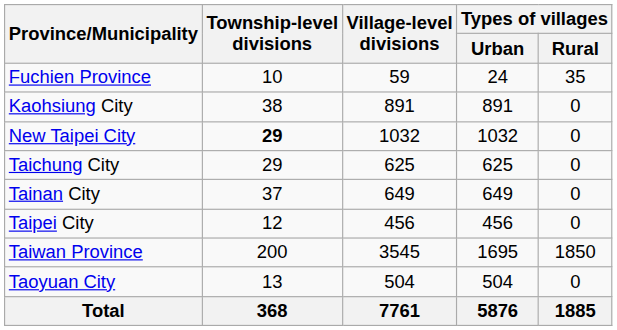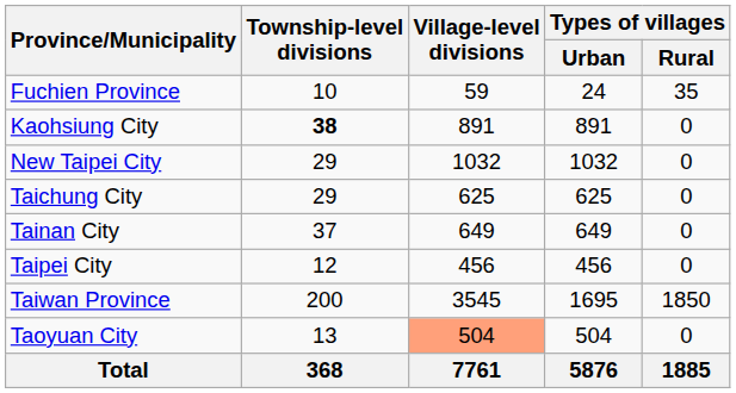 <table class=wikitable style="text-align:center">
 <tr>
 <th rowspan=2>Province/Municipality</th>
 <th rowspan=2>Township-level<br>divisions</th>
 <th rowspan=2>Village-level<br>divisions</th>
 <th colspan=2>Types of villages</th>
 </tr>
 <tr>
 <th>Urban</th>
 <th>Rural</th>
 </tr>
 <tr>
 <td align=left><a href='#'>Fuchien Province</a></td>
 <td>10</td>
 <td>59</td>
 <td>24</td>
 <td>35</td>
 </tr>
 <tr>
 <td align=left><a href='#'>Kaohsiung</a> City</td>
-<td>38</td>
+<td><strong>38</strong></td>
 <td>891</td>
 <td>891</td>
 <td>0</td>
 </tr>
 <tr>
 <td align=left><a href='#'>New Taipei City</a></td>
-<td><strong>29</strong></td>
+<td>29</td>
 <td>1032</td>
 <td>1032</td>
 <td>0</td>
 </tr>
 <tr>
 <td align=left><a href='#'>Taichung</a> City</td>
 <td>29</td>
 <td>625</td>
 <td>625</td>
 <td>0</td>
 </tr>
 <tr>
 <td align=left><a href='#'>Tainan</a> City</td>
 <td>37</td>
 <td>649</td>
 <td>649</td>
 <td>0</td>
 </tr>
 <tr>
 <td align=left><a href='#'>Taipei</a> City</td>
 <td>12</td>
 <td>456</td>
 <td>456</td>
 <td>0</td>
 </tr>
 <tr>
 <td align=left><a href='#'>Taiwan Province</a></td>
 <td>200</td>
 <td>3545</td>
 <td>1695</td>
 <td>1850</td>
 </tr>
 <tr>
 <td align=left><a href='#'>Taoyuan City</a></td>
 <td>13</td>
-<td>504</td>
+<td style="background: lightsalmon;">504</td>
 <td>504</td>
 <td>0</td>
 </tr>
 <tr>
 <th>Total</th>
 <th>368</th>
 <th>7761</th>
 <th>5876</th>
 <th>1885</th>
 </tr>
 </table>
